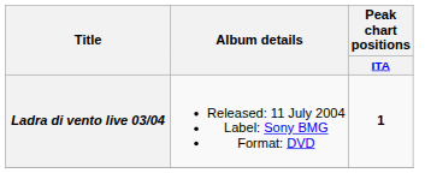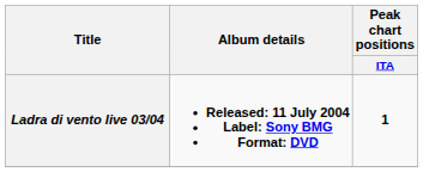 <table class="wikitable plainrowheaders" style="text-align:center;" border="1">
 <tr>
 <th scope="col" rowspan="2" style="width:12em;">Title</th>
 <th scope="col" rowspan="2">Album details</th>
 <th scope="col">Peak<br>chart<br>positions</th>
 </tr>
 <tr>
 <th scope="col" style="width:3em;font-size:90%;"><a href='#'>ITA</a><br></th>
 </tr>
 <tr>
 <th scope="row"><em>Ladra di vento live 03/04</em></th>
-<td><br><ul><li>Released: 11 July 2004</li><li>Label: <a href='#'>Sony BMG</a></li><li>Format: <a href='#'>DVD</a></li></ul></td>
+<td><strong><br><ul><li>Released: 11 July 2004</li><li>Label: <a href='#'>Sony BMG</a></li><li>Format: <a href='#'>DVD</a></li></ul></strong></td>
 <td><strong>1</strong></td>
 </tr>
 <tr>
 </tr>
 </table>
